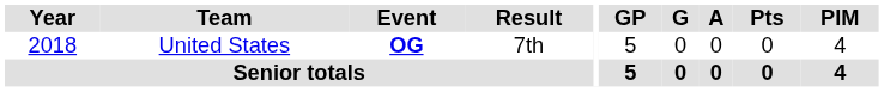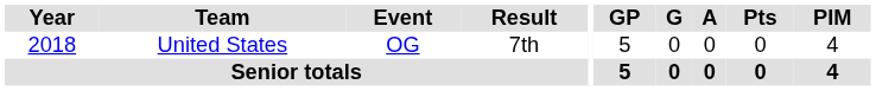 <table border="0" cellpadding="1" cellspacing="0" ID="Table3" style="text-align:center; width:40em">
 <tr ALIGN="center" bgcolor="#e0e0e0">
 <th>Year</th>
 <th>Team</th>
 <th>Event</th>
 <th>Result</th>
 <th rowspan="99" bgcolor="#ffffff"></th>
 <th>GP</th>
 <th>G</th>
 <th>A</th>
 <th>Pts</th>
 <th>PIM</th>
 </tr>
 <tr>
 <td><a href='#'>2018</a></td>
 <td><a href='#'>United States</a></td>
-<td><strong><a href='#'>OG</a></strong></td>
+<td><a href='#'>OG</a></td>
 <td>7th</td>
 <td>5</td>
 <td>0</td>
 <td>0</td>
 <td>0</td>
 <td>4</td>
 </tr>
 <tr bgcolor="#e0e0e0">
 <th colspan="4">Senior totals</th>
 <th>5</th>
 <th>0</th>
 <th>0</th>
 <th>0</th>
 <th>4</th>
 </tr>
 </table>
